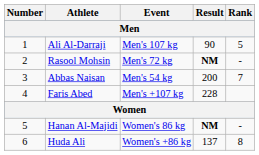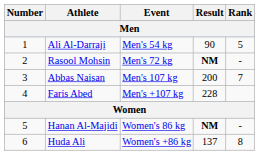 <table class="wikitable" style="font-size:100%">
 <tr>
 <th>Number</th>
 <th>Athlete</th>
 <th>Event</th>
 <th>Result</th>
 <th>Rank</th>
 </tr>
 <tr style="background:#9acdff;">
 <th colspan=5>Men</th>
 </tr>
 <tr>
 <td align=center>1</td>
 <td><a href='#'>Ali Al-Darraji</a></td>
-<td><a href='#'>Men's 107 kg</a></td>
+<td><a href='#'>Men's 54 kg</a></td>
 <td align=center>90</td>
 <td align=center>5</td>
 </tr>
 <tr>
 <td align=center>2</td>
 <td><a href='#'>Rasool Mohsin</a></td>
 <td><a href='#'>Men's 72 kg</a></td>
 <td align=center><strong>NM</strong></td>
 <td align=center>-</td>
 </tr>
 <tr>
 <td align=center>3</td>
 <td><a href='#'>Abbas Naisan</a></td>
-<td><a href='#'>Men's 54 kg</a></td>
+<td><a href='#'>Men's 107 kg</a></td>
 <td align=center>200</td>
 <td align=center>7</td>
 </tr>
 <tr>
 <td align=center>4</td>
 <td><a href='#'>Faris Abed</a></td>
 <td><a href='#'>Men's +107 kg</a></td>
 <td align=center>228</td>
 <td align=center></td>
 </tr>
 <tr style="background:#9acdff;">
 <th colspan=5>Women</th>
 </tr>
 <tr>
 <td align=center>5</td>
 <td><a href='#'>Hanan Al-Majidi</a></td>
 <td><a href='#'>Women's 86 kg</a></td>
 <td align=center><strong>NM</strong></td>
 <td align=center>-</td>
 </tr>
 <tr>
 <td align=center>6</td>
 <td><a href='#'>Huda Ali</a></td>
 <td><a href='#'>Women's +86 kg</a></td>
 <td align=center>137</td>
 <td align=center>8</td>
 </tr>
 </table>
